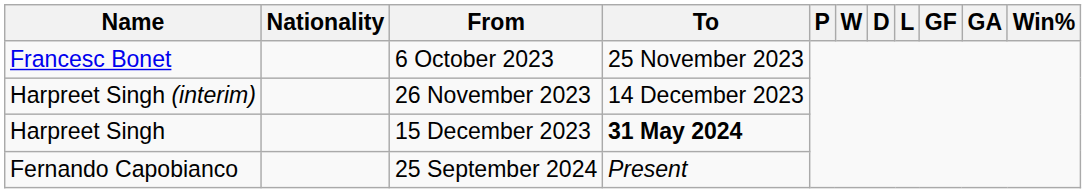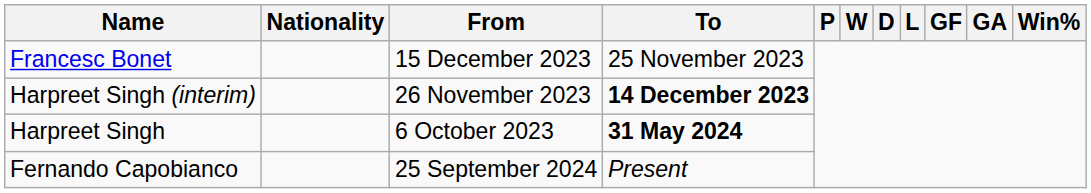 <table class="wikitable plainrowheaders sortable" style="text-align:center">
 <tr>
 <th>Name</th>
 <th>Nationality</th>
 <th>From</th>
 <th class="unsortable">To</th>
 <th>P</th>
 <th>W</th>
 <th>D</th>
 <th>L</th>
 <th>GF</th>
 <th>GA</th>
 <th>Win%</th>
 </tr>
 <tr>
 <td scope=row style=text-align:left><a href='#'>Francesc Bonet</a></td>
 <td align=left></td>
-<td align=left>6 October 2023</td>
+<td align=left>15 December 2023</td>
 <td align=left>25 November 2023<br></td>
 </tr>
 <tr>
 <td scope=row style=text-align:left>Harpreet Singh <em>(interim)</em></td>
 <td align=left></td>
 <td align=left>26 November 2023</td>
-<td align=left>14 December 2023<br></td>
+<td align=left><strong>14 December 2023<br></strong></td>
 </tr>
 <tr>
 <td scope=row style=text-align:left>Harpreet Singh</td>
 <td align=left></td>
-<td align=left>15 December 2023</td>
+<td align=left>6 October 2023</td>
 <td align=left><strong>31 May 2024<br></strong></td>
 </tr>
 <tr>
 <td scope=row style=text-align:left>Fernando Capobianco</td>
 <td align=left></td>
 <td align=left>25 September 2024</td>
 <td align=left><em>Present</em><br></td>
 </tr>
 </table>
